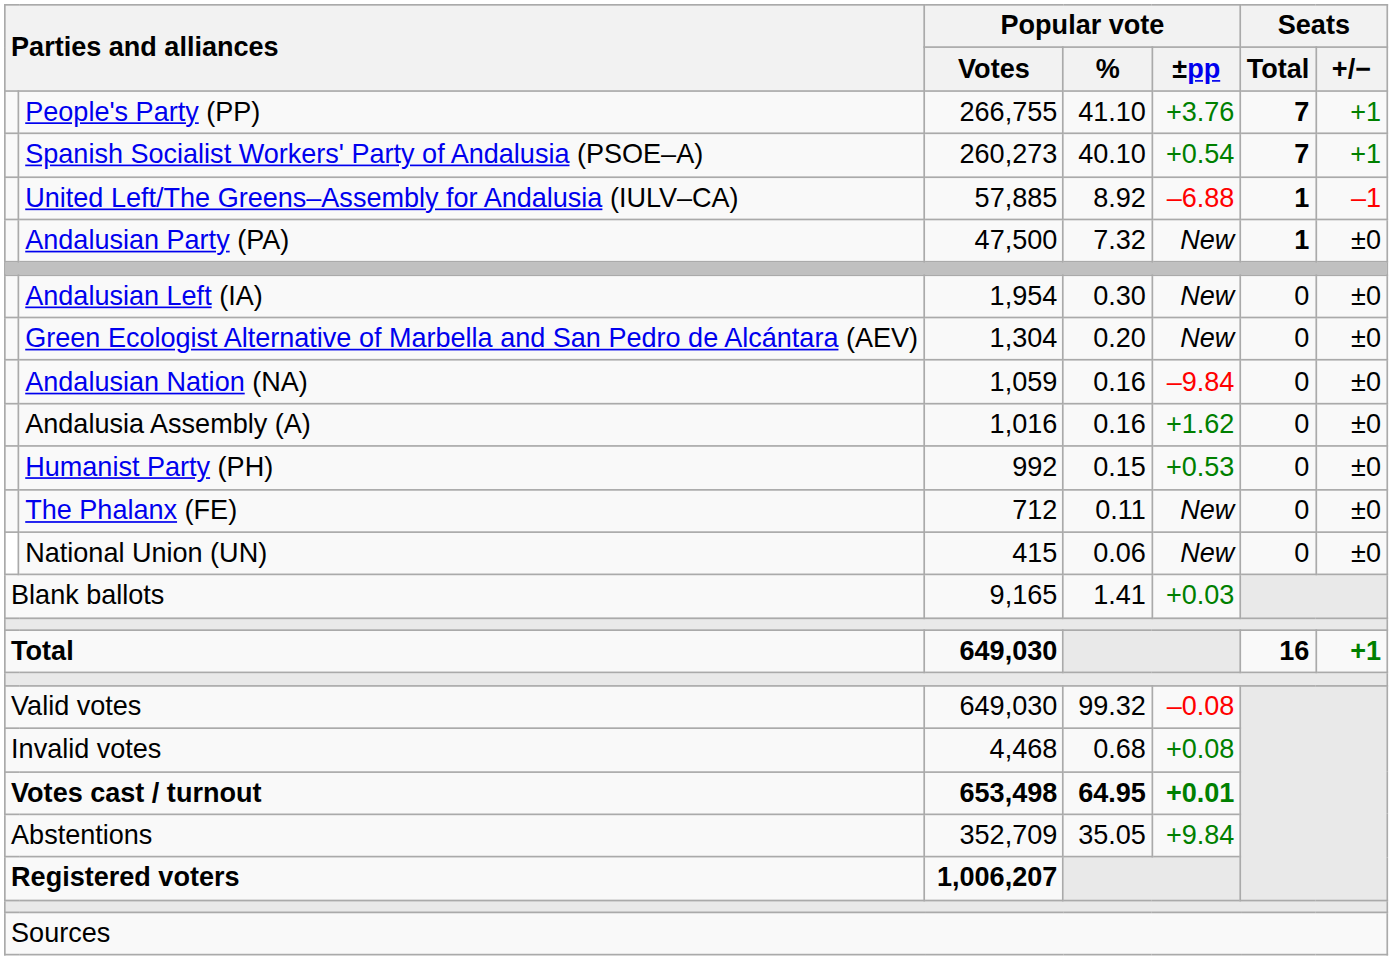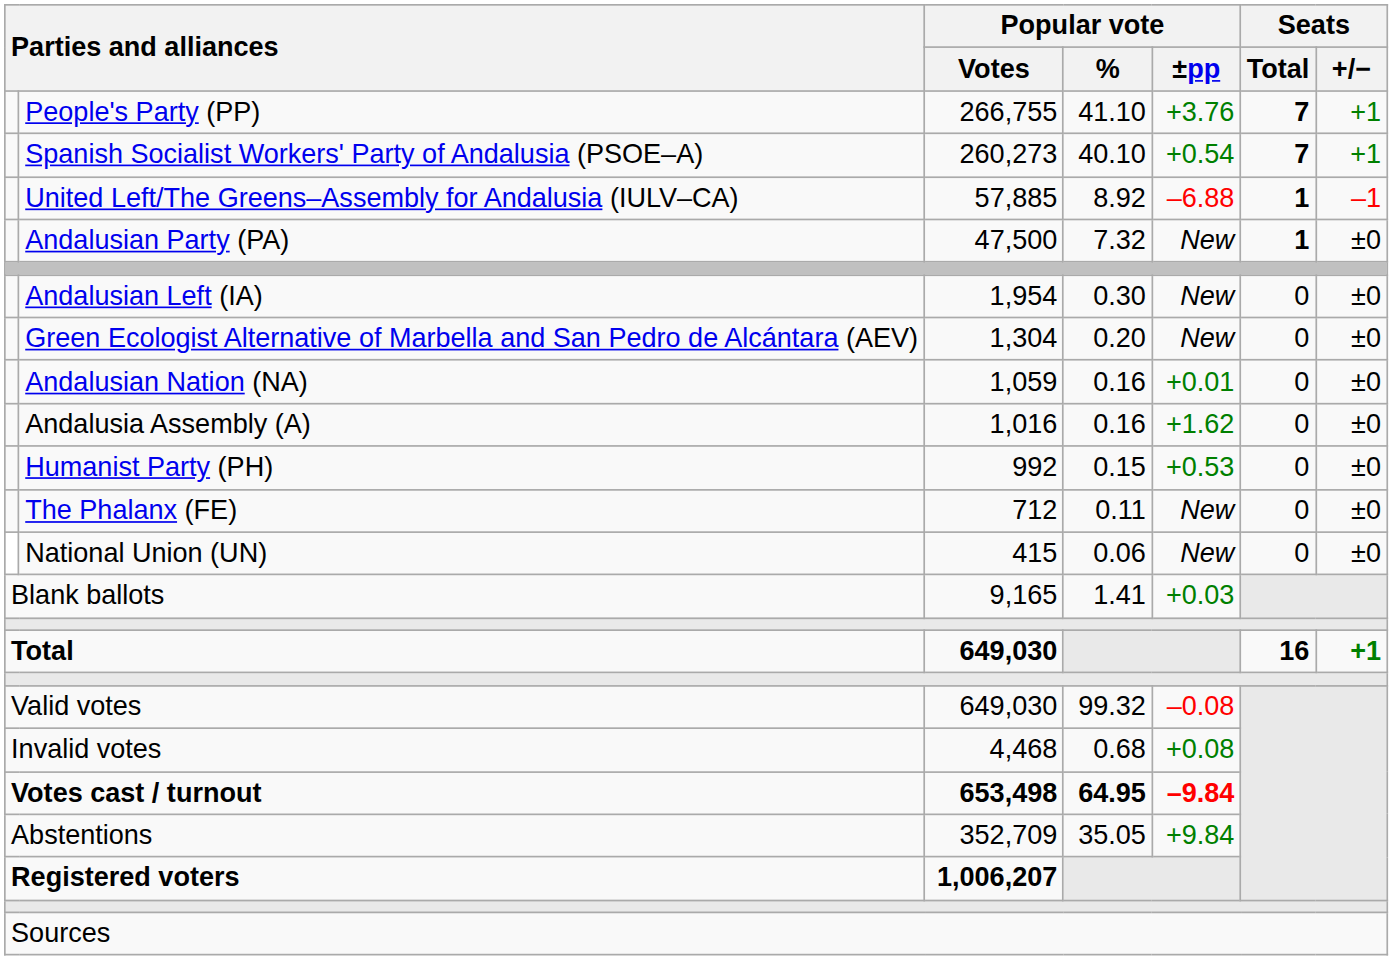 <table class="wikitable" style="text-align:right;">
 <tr>
 <th style="text-align:left;" rowspan="2" colspan="2" width="525">Parties and alliances</th>
 <th colspan="3">Popular vote</th>
 <th colspan="2">Seats</th>
 </tr>
 <tr>
 <th width="75">Votes</th>
 <th width="45">%</th>
 <th width="45">±<a href='#'>pp</a></th>
 <th width="35">Total</th>
 <th width="35">+/−</th>
 </tr>
 <tr>
 <td width="1" style="color:inherit;background:"></td>
 <td align="left"><a href='#'>People's Party</a> (PP)</td>
 <td>266,755</td>
 <td>41.10</td>
 <td style="color:green;">+3.76</td>
 <td><strong>7</strong></td>
 <td style="color:green;">+1</td>
 </tr>
 <tr>
 <td style="color:inherit;background:"></td>
 <td align="left"><a href='#'>Spanish Socialist Workers' Party of Andalusia</a> (PSOE–A)</td>
 <td>260,273</td>
 <td>40.10</td>
 <td style="color:green;">+0.54</td>
 <td><strong>7</strong></td>
 <td style="color:green;">+1</td>
 </tr>
 <tr>
 <td style="color:inherit;background:"></td>
 <td align="left"><a href='#'>United Left/The Greens–Assembly for Andalusia</a> (IULV–CA)</td>
 <td>57,885</td>
 <td>8.92</td>
 <td style="color:red;">–6.88</td>
 <td><strong>1</strong></td>
 <td style="color:red;">–1</td>
 </tr>
 <tr>
 <td style="color:inherit;background:"></td>
 <td align="left"><a href='#'>Andalusian Party</a> (PA)</td>
 <td>47,500</td>
 <td>7.32</td>
 <td><em>New</em></td>
 <td><strong>1</strong></td>
 <td>±0</td>
 </tr>
 <tr>
 <td colspan="7" bgcolor="#C0C0C0"></td>
 </tr>
 <tr>
 <td style="color:inherit;background:"></td>
 <td align="left"><a href='#'>Andalusian Left</a> (IA)</td>
 <td>1,954</td>
 <td>0.30</td>
 <td><em>New</em></td>
 <td>0</td>
 <td>±0</td>
 </tr>
 <tr>
 <td style="color:inherit;background:"></td>
 <td align="left"><a href='#'>Green Ecologist Alternative of Marbella and San Pedro de Alcántara</a> (AEV)</td>
 <td>1,304</td>
 <td>0.20</td>
 <td><em>New</em></td>
 <td>0</td>
 <td>±0</td>
 </tr>
 <tr>
 <td style="color:inherit;background:"></td>
 <td align="left"><a href='#'>Andalusian Nation</a> (NA)</td>
 <td>1,059</td>
 <td>0.16</td>
-<td style="color:red;">–9.84</td>
+<td style="color:green;">+0.01</td>
 <td>0</td>
 <td>±0</td>
 </tr>
 <tr>
 <td style="color:inherit;background:"></td>
 <td align="left">Andalusia Assembly (A)</td>
 <td>1,016</td>
 <td>0.16</td>
 <td style="color:green;">+1.62</td>
 <td>0</td>
 <td>±0</td>
 </tr>
 <tr>
 <td style="color:inherit;background:"></td>
 <td align="left"><a href='#'>Humanist Party</a> (PH)</td>
 <td>992</td>
 <td>0.15</td>
 <td style="color:green;">+0.53</td>
 <td>0</td>
 <td>±0</td>
 </tr>
 <tr>
 <td style="color:inherit;background:"></td>
 <td align="left"><a href='#'>The Phalanx</a> (FE)</td>
 <td>712</td>
 <td>0.11</td>
 <td><em>New</em></td>
 <td>0</td>
 <td>±0</td>
 </tr>
 <tr>
 <td bgcolor="white"></td>
 <td align="left">National Union (UN)</td>
 <td>415</td>
 <td>0.06</td>
 <td><em>New</em></td>
 <td>0</td>
 <td>±0</td>
 </tr>
 <tr>
 <td align="left" colspan="2">Blank ballots</td>
 <td>9,165</td>
 <td>1.41</td>
 <td style="color:green;">+0.03</td>
 <td bgcolor="#E9E9E9" colspan="2"></td>
 </tr>
 <tr>
 <td colspan="7" bgcolor="#E9E9E9"></td>
 </tr>
 <tr style="font-weight:bold;">
 <td align="left" colspan="2">Total</td>
 <td>649,030</td>
 <td bgcolor="#E9E9E9" colspan="2"></td>
 <td>16</td>
 <td style="color:green;">+1</td>
 </tr>
 <tr>
 <td colspan="7" bgcolor="#E9E9E9"></td>
 </tr>
 <tr>
 <td align="left" colspan="2">Valid votes</td>
 <td>649,030</td>
 <td>99.32</td>
 <td style="color:red;">–0.08</td>
 <td bgcolor="#E9E9E9" colspan="2" rowspan="5"></td>
 </tr>
 <tr>
 <td align="left" colspan="2">Invalid votes</td>
 <td>4,468</td>
 <td>0.68</td>
 <td style="color:green;">+0.08</td>
 </tr>
 <tr style="font-weight:bold;">
 <td align="left" colspan="2">Votes cast / turnout</td>
 <td>653,498</td>
 <td>64.95</td>
-<td style="color:green;">+0.01</td>
+<td style="color:red;">–9.84</td>
 </tr>
 <tr>
 <td align="left" colspan="2">Abstentions</td>
 <td>352,709</td>
 <td>35.05</td>
 <td style="color:green;">+9.84</td>
 </tr>
 <tr style="font-weight:bold;">
 <td align="left" colspan="2">Registered voters</td>
 <td>1,006,207</td>
 <td bgcolor="#E9E9E9" colspan="2"></td>
 </tr>
 <tr>
 <td colspan="7" bgcolor="#E9E9E9"></td>
 </tr>
 <tr>
 <td align="left" colspan="7">Sources</td>
 </tr>
 </table>
